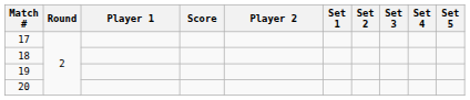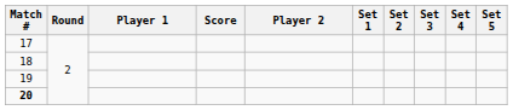 <table class="wikitable">
 <tr>
 <th width="2%">Match #</th>
 <th width="2%">Round</th>
 <th width="15%">Player 1</th>
 <th width="5%">Score</th>
 <th width="15%">Player 2</th>
 <th width="3%">Set 1</th>
 <th width="3%">Set 2</th>
 <th width="3%">Set 3</th>
 <th width="3%">Set 4</th>
 <th width="3%">Set 5</th>
 </tr>
 <tr style=text-align:center;>
 <td>17</td>
 <td rowspan=4>2</td>
 <td></td>
 <td></td>
 <td></td>
 <td></td>
 <td></td>
 <td></td>
 <td></td>
 <td></td>
 </tr>
 <tr style=text-align:center;>
 <td>18</td>
 <td></td>
 <td></td>
 <td></td>
 <td></td>
 <td></td>
 <td></td>
 <td></td>
 <td></td>
 </tr>
 <tr style=text-align:center;>
 <td>19</td>
 <td></td>
 <td></td>
 <td></td>
 <td></td>
 <td></td>
 <td></td>
 <td></td>
 <td></td>
 </tr>
 <tr style=text-align:center;>
-<td>20</td>
+<td><strong>20</strong></td>
 <td></td>
 <td></td>
 <td></td>
 <td></td>
 <td></td>
 <td></td>
 <td></td>
 <td></td>
 </tr>
 </table>
